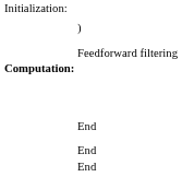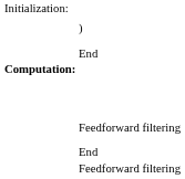 <table>
 <tr>
 <td>Initialization:</td>
 </tr>
 <tr>
 <td></td>
 <td></td>
 </tr>
 <tr>
 <td></td>
 <td>)</td>
 </tr>
 <tr>
 <td></td>
 <td></td>
 </tr>
 <tr>
 <td></td>
 <td></td>
 </tr>
 <tr>
 <td></td>
 <td></td>
 </tr>
 <tr>
 <td></td>
-<td>Feedforward filtering</td>
+<td>End</td>
 </tr>
 <tr>
 <td><strong>Computation:</strong></td>
 </tr>
 <tr>
 <td></td>
 <td></td>
 </tr>
 <tr>
 <td></td>
 <td></td>
 </tr>
 <tr>
 <td></td>
 <td></td>
 </tr>
 <tr>
 <td></td>
 <td></td>
 </tr>
 <tr>
 <td></td>
 <td></td>
 </tr>
 <tr>
 <td></td>
 <td></td>
 </tr>
 <tr>
 <td></td>
 <td></td>
 </tr>
 <tr>
 <td></td>
 <td></td>
 </tr>
 <tr>
 <td></td>
 <td></td>
 </tr>
 <tr>
 <td></td>
 <td></td>
 </tr>
 <tr>
 <td></td>
 <td></td>
 </tr>
 <tr>
 <td></td>
 <td></td>
 </tr>
 <tr>
 <td></td>
 <td></td>
 </tr>
 <tr>
 <td></td>
 <td></td>
 </tr>
 <tr>
 <td></td>
-<td>End</td>
+<td>Feedforward filtering</td>
 </tr>
 <tr>
 <td></td>
 <td></td>
 </tr>
 <tr>
 <td></td>
 <td></td>
 </tr>
 <tr>
 <td></td>
 <td></td>
 </tr>
 <tr>
 <td></td>
 <td>End</td>
 </tr>
 <tr>
 <td></td>
-<td>End</td>
+<td>Feedforward filtering</td>
 </tr>
 <tr>
 <td></td>
 <td></td>
 </tr>
 </table>
